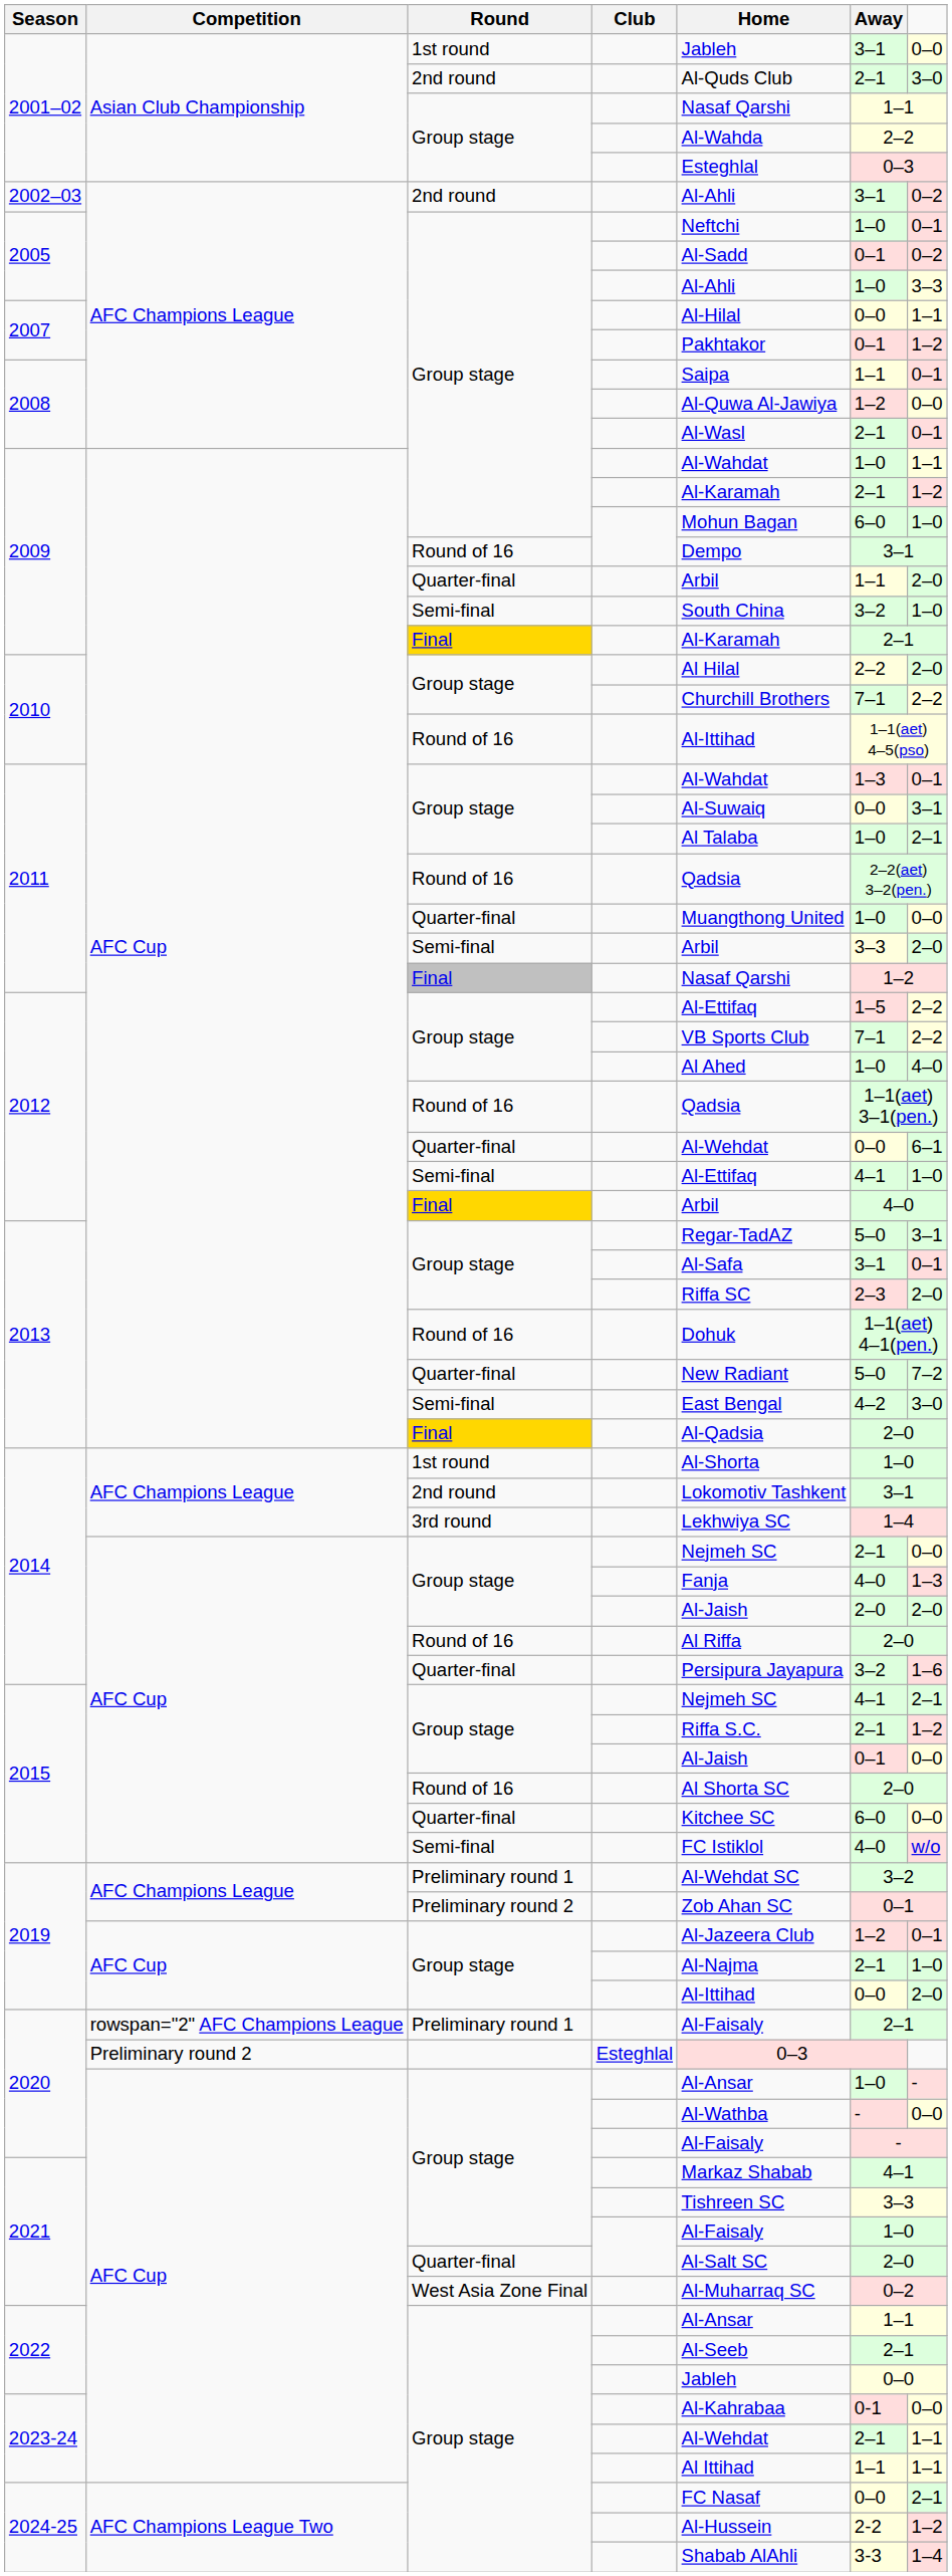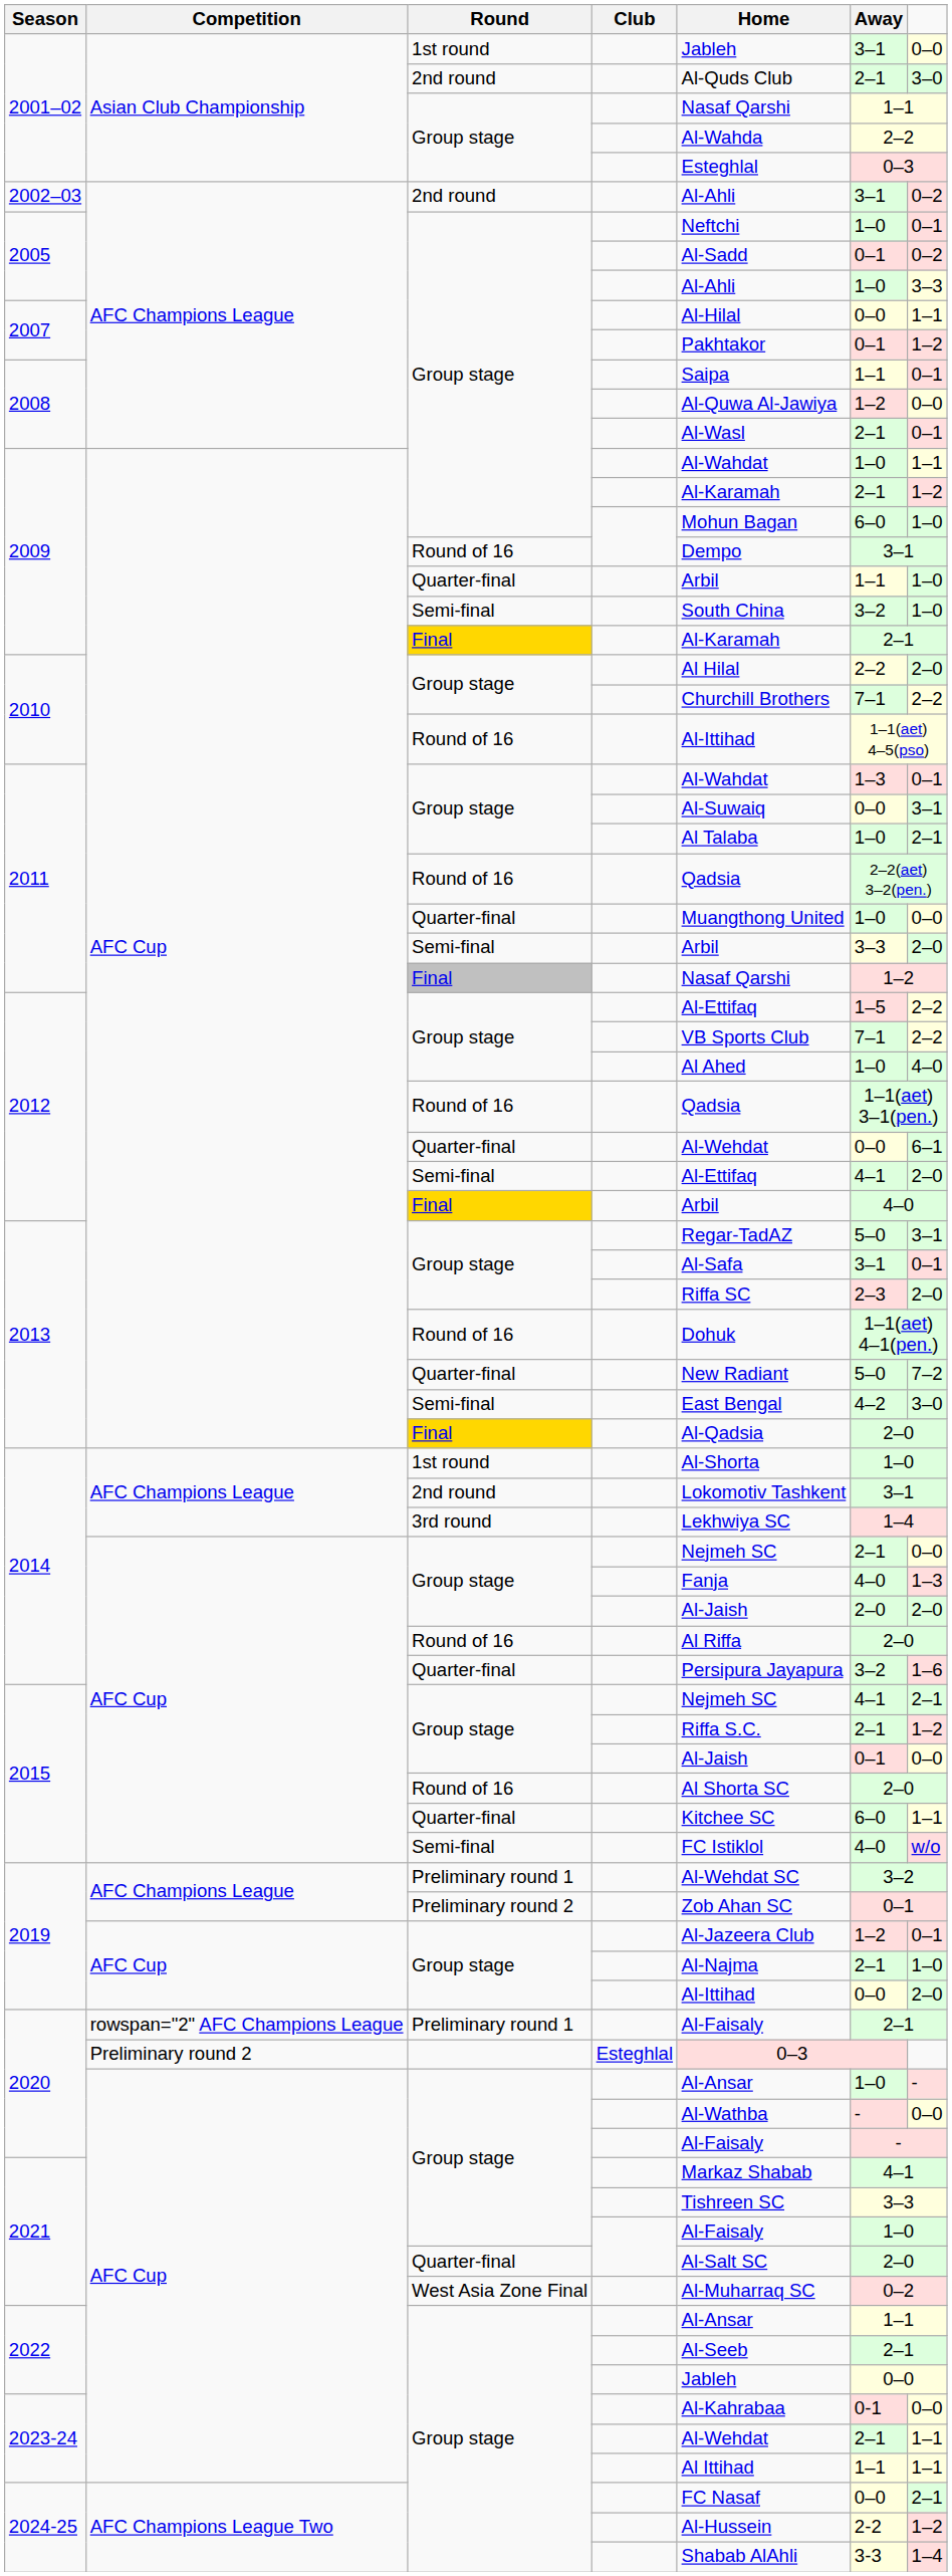 <table class="wikitable sortable">
 <tr>
 <th>Season</th>
 <th>Competition</th>
 <th>Round</th>
 <th>Club</th>
 <th>Home</th>
 <th>Away</th>
 </tr>
 <tr>
 <td rowspan="5"><a href='#'>2001–02</a></td>
 <td rowspan="5"><a href='#'>Asian Club Championship</a></td>
 <td>1st round</td>
 <td></td>
 <td><a href='#'>Jableh</a></td>
 <td bgcolor=#ddffdd>3–1</td>
 <td bgcolor=#ffffdd>0–0</td>
 </tr>
 <tr>
 <td>2nd round</td>
 <td></td>
 <td>Al-Quds Club</td>
 <td bgcolor=#ddffdd>2–1</td>
 <td bgcolor=#ddffdd>3–0</td>
 </tr>
 <tr>
 <td rowspan="3">Group stage</td>
 <td></td>
 <td><a href='#'>Nasaf Qarshi</a></td>
 <td colspan="2" align=center style="background:#ffd;">1–1</td>
 </tr>
 <tr>
 <td></td>
 <td><a href='#'>Al-Wahda</a></td>
 <td colspan="2" align=center style="background:#ffd;">2–2</td>
 </tr>
 <tr>
 <td></td>
 <td><a href='#'>Esteghlal</a></td>
 <td colspan="2" align=center style="background:#ffdddd;">0–3</td>
 </tr>
 <tr>
 <td><a href='#'>2002–03</a></td>
 <td rowspan="9"><a href='#'>AFC Champions League</a></td>
 <td>2nd round</td>
 <td></td>
 <td><a href='#'>Al-Ahli</a></td>
 <td bgcolor=#ddffdd>3–1</td>
 <td bgcolor=#ffdddd>0–2</td>
 </tr>
 <tr>
 <td rowspan="3"><a href='#'>2005</a></td>
 <td rowspan="11">Group stage</td>
 <td></td>
 <td><a href='#'>Neftchi</a></td>
 <td bgcolor=#ddffdd>1–0</td>
 <td bgcolor=#ffdddd>0–1</td>
 </tr>
 <tr>
 <td></td>
 <td><a href='#'>Al-Sadd</a></td>
 <td bgcolor=#ffdddd>0–1</td>
 <td bgcolor=#ffdddd>0–2</td>
 </tr>
 <tr>
 <td></td>
 <td><a href='#'>Al-Ahli</a></td>
 <td bgcolor=#ddffdd>1–0</td>
 <td bgcolor=#ffffdd>3–3</td>
 </tr>
 <tr>
 <td rowspan="2"><a href='#'>2007</a></td>
 <td></td>
 <td><a href='#'>Al-Hilal</a></td>
 <td bgcolor=#ffffdd>0–0</td>
 <td bgcolor=#ffffdd>1–1</td>
 </tr>
 <tr>
 <td></td>
 <td><a href='#'>Pakhtakor</a></td>
 <td bgcolor=#ffdddd>0–1</td>
 <td bgcolor=#ffdddd>1–2</td>
 </tr>
 <tr>
 <td rowspan="3"><a href='#'>2008</a></td>
 <td></td>
 <td><a href='#'>Saipa</a></td>
 <td bgcolor=#ffffdd>1–1</td>
 <td bgcolor=#ffdddd>0–1</td>
 </tr>
 <tr>
 <td></td>
 <td><a href='#'>Al-Quwa Al-Jawiya</a></td>
 <td bgcolor=#ffdddd>1–2</td>
 <td bgcolor=#ffffdd>0–0</td>
 </tr>
 <tr>
 <td></td>
 <td><a href='#'>Al-Wasl</a></td>
 <td bgcolor=#ddffdd>2–1</td>
 <td bgcolor=#ffdddd>0–1</td>
 </tr>
 <tr>
 <td rowspan="7"><a href='#'>2009</a></td>
 <td rowspan="31"><a href='#'>AFC Cup</a></td>
 <td></td>
 <td><a href='#'>Al-Wahdat</a></td>
 <td bgcolor=#ddffdd>1–0</td>
 <td bgcolor=#ffffdd>1–1</td>
 </tr>
 <tr>
 <td></td>
 <td><a href='#'>Al-Karamah</a></td>
 <td bgcolor=#ddffdd>2–1</td>
 <td bgcolor=#ffdddd>1–2</td>
 </tr>
 <tr>
 <td rowspan="2"></td>
 <td><a href='#'>Mohun Bagan</a></td>
 <td bgcolor=#ddffdd>6–0</td>
 <td bgcolor=#ddffdd>1–0</td>
 </tr>
 <tr>
 <td>Round of 16</td>
 <td><a href='#'>Dempo</a></td>
 <td colspan="2" align=center style="background:#ddffdd;">3–1</td>
 </tr>
 <tr>
 <td>Quarter-final</td>
 <td></td>
 <td><a href='#'>Arbil</a></td>
 <td bgcolor= #ffffdd>1–1</td>
-<td bgcolor=#ddffdd>2–0</td>
+<td bgcolor=#ddffdd>1–0</td>
 </tr>
 <tr>
 <td>Semi-final</td>
 <td></td>
 <td><a href='#'>South China</a></td>
 <td bgcolor=#ddffdd>3–2</td>
 <td bgcolor=#ddffdd>1–0</td>
 </tr>
 <tr>
 <td bgcolor=gold><a href='#'>Final</a></td>
 <td></td>
 <td><a href='#'>Al-Karamah</a></td>
 <td colspan="2" align=center style="background:#ddffdd;">2–1</td>
 </tr>
 <tr>
 <td rowspan="3"><a href='#'>2010</a></td>
 <td rowspan="2">Group stage</td>
 <td></td>
 <td><a href='#'>Al Hilal</a></td>
 <td bgcolor=#ffffdd>2–2</td>
 <td bgcolor=#ddffdd>2–0</td>
 </tr>
 <tr>
 <td></td>
 <td><a href='#'>Churchill Brothers</a></td>
 <td bgcolor=#ddffdd>7–1</td>
 <td bgcolor=#ffffdd>2–2</td>
 </tr>
 <tr>
 <td>Round of 16</td>
 <td></td>
 <td><a href='#'>Al-Ittihad</a></td>
 <td colspan="2" align=center style="background:#ffffdd;"><small>1–1(<a href='#'>aet</a>) <br> 4–5(<a href='#'>pso</a>)</small></td>
 </tr>
 <tr>
 <td rowspan="7"><a href='#'>2011</a></td>
 <td rowspan="3">Group stage</td>
 <td></td>
 <td><a href='#'>Al-Wahdat</a></td>
 <td bgcolor=#ffdddd>1–3</td>
 <td bgcolor=#ffdddd>0–1</td>
 </tr>
 <tr>
 <td></td>
 <td><a href='#'>Al-Suwaiq</a></td>
 <td bgcolor=#ffffdd>0–0</td>
 <td bgcolor=#ddffdd>3–1</td>
 </tr>
 <tr>
 <td></td>
 <td><a href='#'>Al Talaba</a></td>
 <td bgcolor=#ddffdd>1–0</td>
 <td bgcolor=#ddffdd>2–1</td>
 </tr>
 <tr>
 <td>Round of 16</td>
 <td></td>
 <td><a href='#'>Qadsia</a></td>
 <td colspan="2" align=center style="background:#ddffdd;"><small>2–2(<a href='#'>aet</a>)<br>3–2(<a href='#'>pen.</a>) </small></td>
 </tr>
 <tr>
 <td>Quarter-final</td>
 <td></td>
 <td><a href='#'>Muangthong United</a></td>
 <td bgcolor=#ddffdd>1–0</td>
 <td bgcolor=#ffffdd>0–0</td>
 </tr>
 <tr>
 <td>Semi-final</td>
 <td></td>
 <td><a href='#'>Arbil</a></td>
 <td bgcolor=#ffffdd>3–3</td>
 <td bgcolor=#ddffdd>2–0</td>
 </tr>
 <tr>
 <td bgcolor=silver><a href='#'>Final</a></td>
 <td></td>
 <td><a href='#'>Nasaf Qarshi</a></td>
 <td colspan="2" align=center style="background:#ffdddd;">1–2</td>
 </tr>
 <tr>
 <td rowspan="7"><a href='#'>2012</a></td>
 <td rowspan="3">Group stage</td>
 <td></td>
 <td><a href='#'>Al-Ettifaq</a></td>
 <td bgcolor=#ffdddd>1–5</td>
 <td bgcolor=#ffffdd>2–2</td>
 </tr>
 <tr>
 <td></td>
 <td><a href='#'>VB Sports Club</a></td>
 <td bgcolor=#ddffdd>7–1</td>
 <td bgcolor=#ffffdd>2–2</td>
 </tr>
 <tr>
 <td></td>
 <td><a href='#'>Al Ahed</a></td>
 <td bgcolor=#ddffdd>1–0</td>
 <td bgcolor=#ddffdd>4–0</td>
 </tr>
 <tr>
 <td>Round of 16</td>
 <td></td>
 <td><a href='#'>Qadsia</a></td>
 <td colspan="2" align=center style="background:#ddffdd;">1–1(<a href='#'>aet</a>)<br>3–1(<a href='#'>pen.</a>)</td>
 </tr>
 <tr>
 <td>Quarter-final</td>
 <td></td>
 <td><a href='#'>Al-Wehdat</a></td>
 <td bgcolor=#ffffdd>0–0</td>
 <td bgcolor=#ddffdd>6–1</td>
 </tr>
 <tr>
 <td>Semi-final</td>
 <td></td>
 <td><a href='#'>Al-Ettifaq</a></td>
 <td bgcolor=#ddffdd>4–1</td>
-<td bgcolor=#ddffdd>1–0</td>
+<td bgcolor=#ddffdd>2–0</td>
 </tr>
 <tr>
 <td bgcolor=gold><a href='#'>Final</a></td>
 <td></td>
 <td><a href='#'>Arbil</a></td>
 <td colspan="2" align=center style="background:#ddffdd;">4–0</td>
 </tr>
 <tr>
 <td rowspan="7"><a href='#'>2013</a></td>
 <td rowspan="3">Group stage</td>
 <td></td>
 <td><a href='#'>Regar-TadAZ</a></td>
 <td bgcolor=#ddffdd>5–0</td>
 <td bgcolor=#ddffdd>3–1</td>
 </tr>
 <tr>
 <td></td>
 <td><a href='#'>Al-Safa</a></td>
 <td bgcolor=#ddffdd>3–1</td>
 <td bgcolor=#ffdddd>0–1</td>
 </tr>
 <tr>
 <td></td>
 <td><a href='#'>Riffa SC</a></td>
 <td bgcolor=#ffdddd>2–3</td>
 <td bgcolor=#ddffdd>2–0</td>
 </tr>
 <tr>
 <td>Round of 16</td>
 <td></td>
 <td><a href='#'>Dohuk</a></td>
 <td colspan="2" align=center style="background:#ddffdd;">1–1(<a href='#'>aet</a>)<br>4–1(<a href='#'>pen.</a>)</td>
 </tr>
 <tr>
 <td>Quarter-final</td>
 <td></td>
 <td><a href='#'>New Radiant</a></td>
 <td bgcolor=#ddffdd>5–0</td>
 <td bgcolor=#ddffdd>7–2</td>
 </tr>
 <tr>
 <td>Semi-final</td>
 <td></td>
 <td><a href='#'>East Bengal</a></td>
 <td bgcolor=#ddffdd>4–2</td>
 <td bgcolor=#ddffdd>3–0</td>
 </tr>
 <tr>
 <td bgcolor=gold><a href='#'>Final</a></td>
 <td></td>
 <td><a href='#'>Al-Qadsia</a></td>
 <td colspan="2" align=center style="background:#ddffdd;">2–0</td>
 </tr>
 <tr>
 <td rowspan="8"><a href='#'>2014</a></td>
 <td rowspan="3"><a href='#'>AFC Champions League</a></td>
 <td>1st round</td>
 <td></td>
 <td><a href='#'>Al-Shorta</a></td>
 <td colspan="2" align=center style="background:#ddffdd;">1–0</td>
 </tr>
 <tr>
 <td>2nd round</td>
 <td></td>
 <td><a href='#'>Lokomotiv Tashkent</a></td>
 <td colspan="2" align=center style="background:#ddffdd;">3–1</td>
 </tr>
 <tr>
 <td>3rd round</td>
 <td></td>
 <td><a href='#'>Lekhwiya SC</a></td>
 <td colspan="2" align=center style="background:#ffdddd;">1–4</td>
 </tr>
 <tr>
 <td rowspan="11"><a href='#'>AFC Cup</a></td>
 <td rowspan="3">Group stage</td>
 <td></td>
 <td><a href='#'>Nejmeh SC</a></td>
 <td bgcolor=#ddffdd>2–1</td>
 <td bgcolor=#ffffdd>0–0</td>
 </tr>
 <tr>
 <td></td>
 <td><a href='#'>Fanja</a></td>
 <td bgcolor=#ddffdd>4–0</td>
 <td bgcolor=#ffdddd>1–3</td>
 </tr>
 <tr>
 <td></td>
 <td><a href='#'>Al-Jaish</a></td>
 <td bgcolor=#ddffdd>2–0</td>
 <td bgcolor=#ddffdd>2–0</td>
 </tr>
 <tr>
 <td>Round of 16</td>
 <td></td>
 <td><a href='#'>Al Riffa</a></td>
 <td colspan="2" align=center bgcolor=#ddffdd>2–0</td>
 </tr>
 <tr>
 <td>Quarter-final</td>
 <td></td>
 <td><a href='#'>Persipura Jayapura</a></td>
 <td bgcolor=#ddffdd>3–2</td>
 <td bgcolor=#ffdddd>1–6</td>
 </tr>
 <tr>
 <td rowspan="6"><a href='#'>2015</a></td>
 <td rowspan="3">Group stage</td>
 <td></td>
 <td><a href='#'>Nejmeh SC</a></td>
 <td style="background:#dfd;">4–1</td>
 <td style="background:#dfd;">2–1</td>
 </tr>
 <tr>
 <td></td>
 <td><a href='#'>Riffa S.C.</a></td>
 <td style="background:#dfd;">2–1</td>
 <td bgcolor=#ffdddd>1–2</td>
 </tr>
 <tr>
 <td></td>
 <td><a href='#'>Al-Jaish</a></td>
 <td bgcolor=#ffdddd>0–1</td>
 <td style="background:#ffd;">0–0</td>
 </tr>
 <tr>
 <td>Round of 16</td>
 <td></td>
 <td><a href='#'>Al Shorta SC</a></td>
 <td colspan="2" align=center bgcolor=#ddffdd>2–0</td>
 </tr>
 <tr>
 <td>Quarter-final</td>
 <td></td>
 <td><a href='#'>Kitchee SC</a></td>
 <td style="background:#dfd;">6–0</td>
-<td style="background:#ffd;">0–0</td>
+<td style="background:#ffd;">1–1</td>
 </tr>
 <tr>
 <td>Semi-final</td>
 <td></td>
 <td><a href='#'>FC Istiklol</a></td>
 <td style="background:#dfd;">4–0</td>
 <td bgcolor=#ffdddd><a href='#'>w/o</a></td>
 </tr>
 <tr>
 <td rowspan="5"><a href='#'>2019</a></td>
 <td rowspan="2"><a href='#'>AFC Champions League</a></td>
 <td>Preliminary round 1</td>
 <td></td>
 <td><a href='#'>Al-Wehdat SC</a></td>
 <td colspan="2" align=center bgcolor=#ddffdd>3–2</td>
 </tr>
 <tr>
 <td>Preliminary round 2</td>
 <td></td>
 <td><a href='#'>Zob Ahan SC</a></td>
 <td colspan="2" align=center bgcolor=#ffdddd>0–1</td>
 </tr>
 <tr>
 <td rowspan="3"><a href='#'>AFC Cup</a></td>
 <td rowspan="3">Group stage</td>
 <td></td>
 <td><a href='#'>Al-Jazeera Club</a></td>
 <td bgcolor=#ffdddd>1–2</td>
 <td bgcolor=#ffdddd>0–1</td>
 </tr>
 <tr>
 <td></td>
 <td><a href='#'>Al-Najma</a></td>
 <td style="background:#dfd;">2–1</td>
 <td style="background:#dfd;">1–0</td>
 </tr>
 <tr>
 <td></td>
 <td><a href='#'>Al-Ittihad</a></td>
 <td bgcolor=#ffffdd>0–0</td>
 <td style="background:#dfd;">2–0</td>
 </tr>
 <tr>
 <td rowspan="5"><a href='#'>2020</a></td>
 <td>rowspan="2" <a href='#'>AFC Champions League</a></td>
 <td>Preliminary round 1</td>
 <td></td>
 <td><a href='#'>Al-Faisaly</a></td>
 <td colspan="2" align=center bgcolor=#ddffdd>2–1</td>
 </tr>
 <tr>
 <td>Preliminary round 2</td>
 <td></td>
 <td><a href='#'>Esteghlal</a></td>
 <td colspan="2" align=center bgcolor=#ffdddd>0–3</td>
 </tr>
 <tr>
 <td rowspan="14"><a href='#'>AFC Cup</a></td>
 <td rowspan="6">Group stage</td>
 <td></td>
 <td><a href='#'>Al-Ansar</a></td>
 <td style="background:#dfd;">1–0</td>
 <td style="background:#ffdddd;">-</td>
 </tr>
 <tr>
 <td></td>
 <td><a href='#'>Al-Wathba</a></td>
 <td style="background:#ffdddd;">-</td>
 <td style="background:#ffd;">0–0</td>
 </tr>
 <tr>
 <td></td>
 <td><a href='#'>Al-Faisaly</a></td>
 <td colspan="2" align=center style="background:#ffdddd;">-</td>
 </tr>
 <tr>
 <td rowspan="5"><a href='#'>2021</a></td>
 <td></td>
 <td><a href='#'>Markaz Shabab</a></td>
 <td colspan="2" align=center bgcolor=#ddffdd>4–1</td>
 </tr>
 <tr>
 <td></td>
 <td><a href='#'>Tishreen SC</a></td>
 <td colspan="2" align=center style="background:#ffd;">3–3</td>
 </tr>
 <tr>
 <td rowspan="2"></td>
 <td><a href='#'>Al-Faisaly</a></td>
 <td colspan="2" align=center bgcolor=#ddffdd>1–0</td>
 </tr>
 <tr>
 <td>Quarter-final</td>
 <td><a href='#'>Al-Salt SC</a></td>
 <td colspan="2" align=center bgcolor=#ddffdd>2–0</td>
 </tr>
 <tr>
 <td>West Asia Zone Final</td>
 <td></td>
 <td><a href='#'>Al-Muharraq SC</a></td>
 <td colspan="2" align="center" bgcolor="#ffdddd">0–2</td>
 </tr>
 <tr>
 <td rowspan="3"><a href='#'>2022</a></td>
 <td rowspan="9">Group stage</td>
 <td></td>
 <td><a href='#'>Al-Ansar</a></td>
 <td colspan="2" align="center" style="background:#ffd;">1–1</td>
 </tr>
 <tr>
 <td></td>
 <td><a href='#'>Al-Seeb</a></td>
 <td colspan="2" align="center" bgcolor="#ddffdd">2–1</td>
 </tr>
 <tr>
 <td></td>
 <td><a href='#'>Jableh</a></td>
 <td colspan="2" align="center" style="background:#ffd;">0–0</td>
 </tr>
 <tr>
 <td rowspan="3"><a href='#'>2023-24</a></td>
 <td></td>
 <td><a href='#'>Al-Kahrabaa</a></td>
 <td bgcolor=#ffdddd>0-1</td>
 <td style="background:#ffd;">0–0</td>
 </tr>
 <tr>
 <td></td>
 <td><a href='#'>Al-Wehdat</a></td>
 <td style="background:#dfd;">2–1</td>
 <td style="background:#ffd;">1–1</td>
 </tr>
 <tr>
 <td></td>
 <td><a href='#'>Al Ittihad</a></td>
 <td style="background:#ffd;">1–1</td>
 <td style="background:#ffd;">1–1</td>
 </tr>
 <tr>
 <td rowspan="3"><a href='#'>2024-25</a></td>
 <td rowspan="3"><a href='#'>AFC Champions League Two</a></td>
 <td></td>
 <td><a href='#'>FC Nasaf</a></td>
 <td style="background:#ffd;">0–0</td>
 <td style="background:#dfd;">2–1</td>
 </tr>
 <tr>
 <td></td>
 <td><a href='#'>Al-Hussein</a></td>
 <td style="background:#ffd;">2-2</td>
 <td bgcolor=#ffdddd>1–2</td>
 </tr>
 <tr>
 <td></td>
 <td><a href='#'>Shabab AlAhli</a></td>
 <td style="background:#ffd;">3-3</td>
 <td bgcolor=#ffdddd>1–4</td>
 </tr>
 </table>
